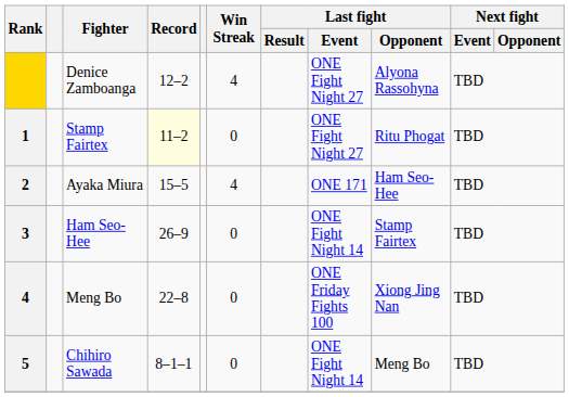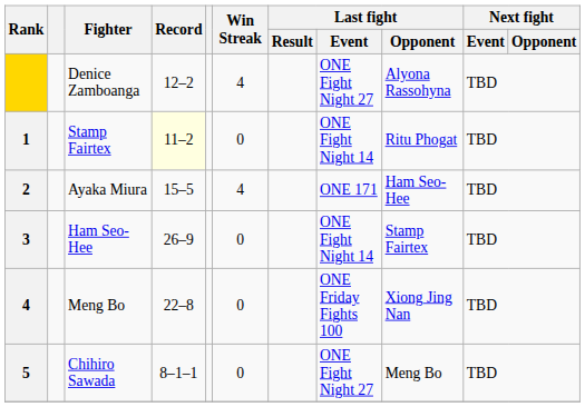 <table class="wikitable" style="display: inline-table;">
 <tr>
 <th rowspan=2>Rank</th>
 <th width=3% rowspan=2></th>
 <th rowspan=2>Fighter</th>
 <th rowspan=2>Record</th>
 <th rowspan=2></th>
 <th rowspan=2>Win Streak</th>
 <th colspan=3>Last fight</th>
 <th colspan=2>Next fight</th>
 </tr>
 <tr>
 <th>Result</th>
 <th>Event</th>
 <th>Opponent</th>
 <th>Event</th>
 <th>Opponent</th>
 </tr>
 <tr>
 <th style="background:gold"></th>
 <td></td>
 <td>Denice Zamboanga</td>
 <td align="center">12–2</td>
 <td align=center></td>
 <td align="center">4</td>
 <td></td>
 <td><a href='#'>ONE Fight Night 27</a></td>
 <td><a href='#'>Alyona Rassohyna</a></td>
 <td colspan=2>TBD</td>
 </tr>
 <tr>
 <th>1</th>
 <td></td>
 <td><a href='#'>Stamp Fairtex</a></td>
 <td align="center" style="background: lightyellow;">11–2</td>
 <td align="center"></td>
 <td align=center>0</td>
 <td></td>
-<td><a href='#'>ONE Fight Night 27</a></td>
+<td><a href='#'>ONE Fight Night 14</a></td>
 <td><a href='#'>Ritu Phogat</a></td>
 <td colspan=2>TBD</td>
 </tr>
 <tr>
 <th>2</th>
 <td></td>
 <td>Ayaka Miura</td>
 <td align="center">15–5</td>
 <td align="center"></td>
 <td align=center>4</td>
 <td></td>
 <td><a href='#'>ONE 171</a></td>
 <td><a href='#'>Ham Seo-Hee</a></td>
 <td colspan="2">TBD</td>
 </tr>
 <tr>
 <th>3</th>
 <td></td>
 <td><a href='#'>Ham Seo-Hee</a></td>
 <td align="center">26–9</td>
 <td align="center"></td>
 <td align=center>0</td>
 <td></td>
 <td><a href='#'>ONE Fight Night 14</a></td>
 <td><a href='#'>Stamp Fairtex</a></td>
 <td colspan="2">TBD</td>
 </tr>
 <tr>
 <th>4</th>
 <td></td>
 <td>Meng Bo</td>
 <td align="center">22–8</td>
 <td align="center"></td>
 <td align=center>0</td>
 <td></td>
 <td><a href='#'>ONE Friday Fights 100</a></td>
 <td><a href='#'>Xiong Jing Nan</a></td>
 <td colspan="2">TBD</td>
 </tr>
 <tr>
 <th>5</th>
 <td></td>
 <td><a href='#'>Chihiro Sawada</a></td>
 <td align="center">8–1–1</td>
 <td align="center"></td>
 <td align=center>0</td>
 <td></td>
-<td><a href='#'>ONE Fight Night 14</a></td>
+<td><a href='#'>ONE Fight Night 27</a></td>
 <td>Meng Bo</td>
 <td colspan="2">TBD</td>
 </tr>
 <tr>
 </tr>
 </table>
